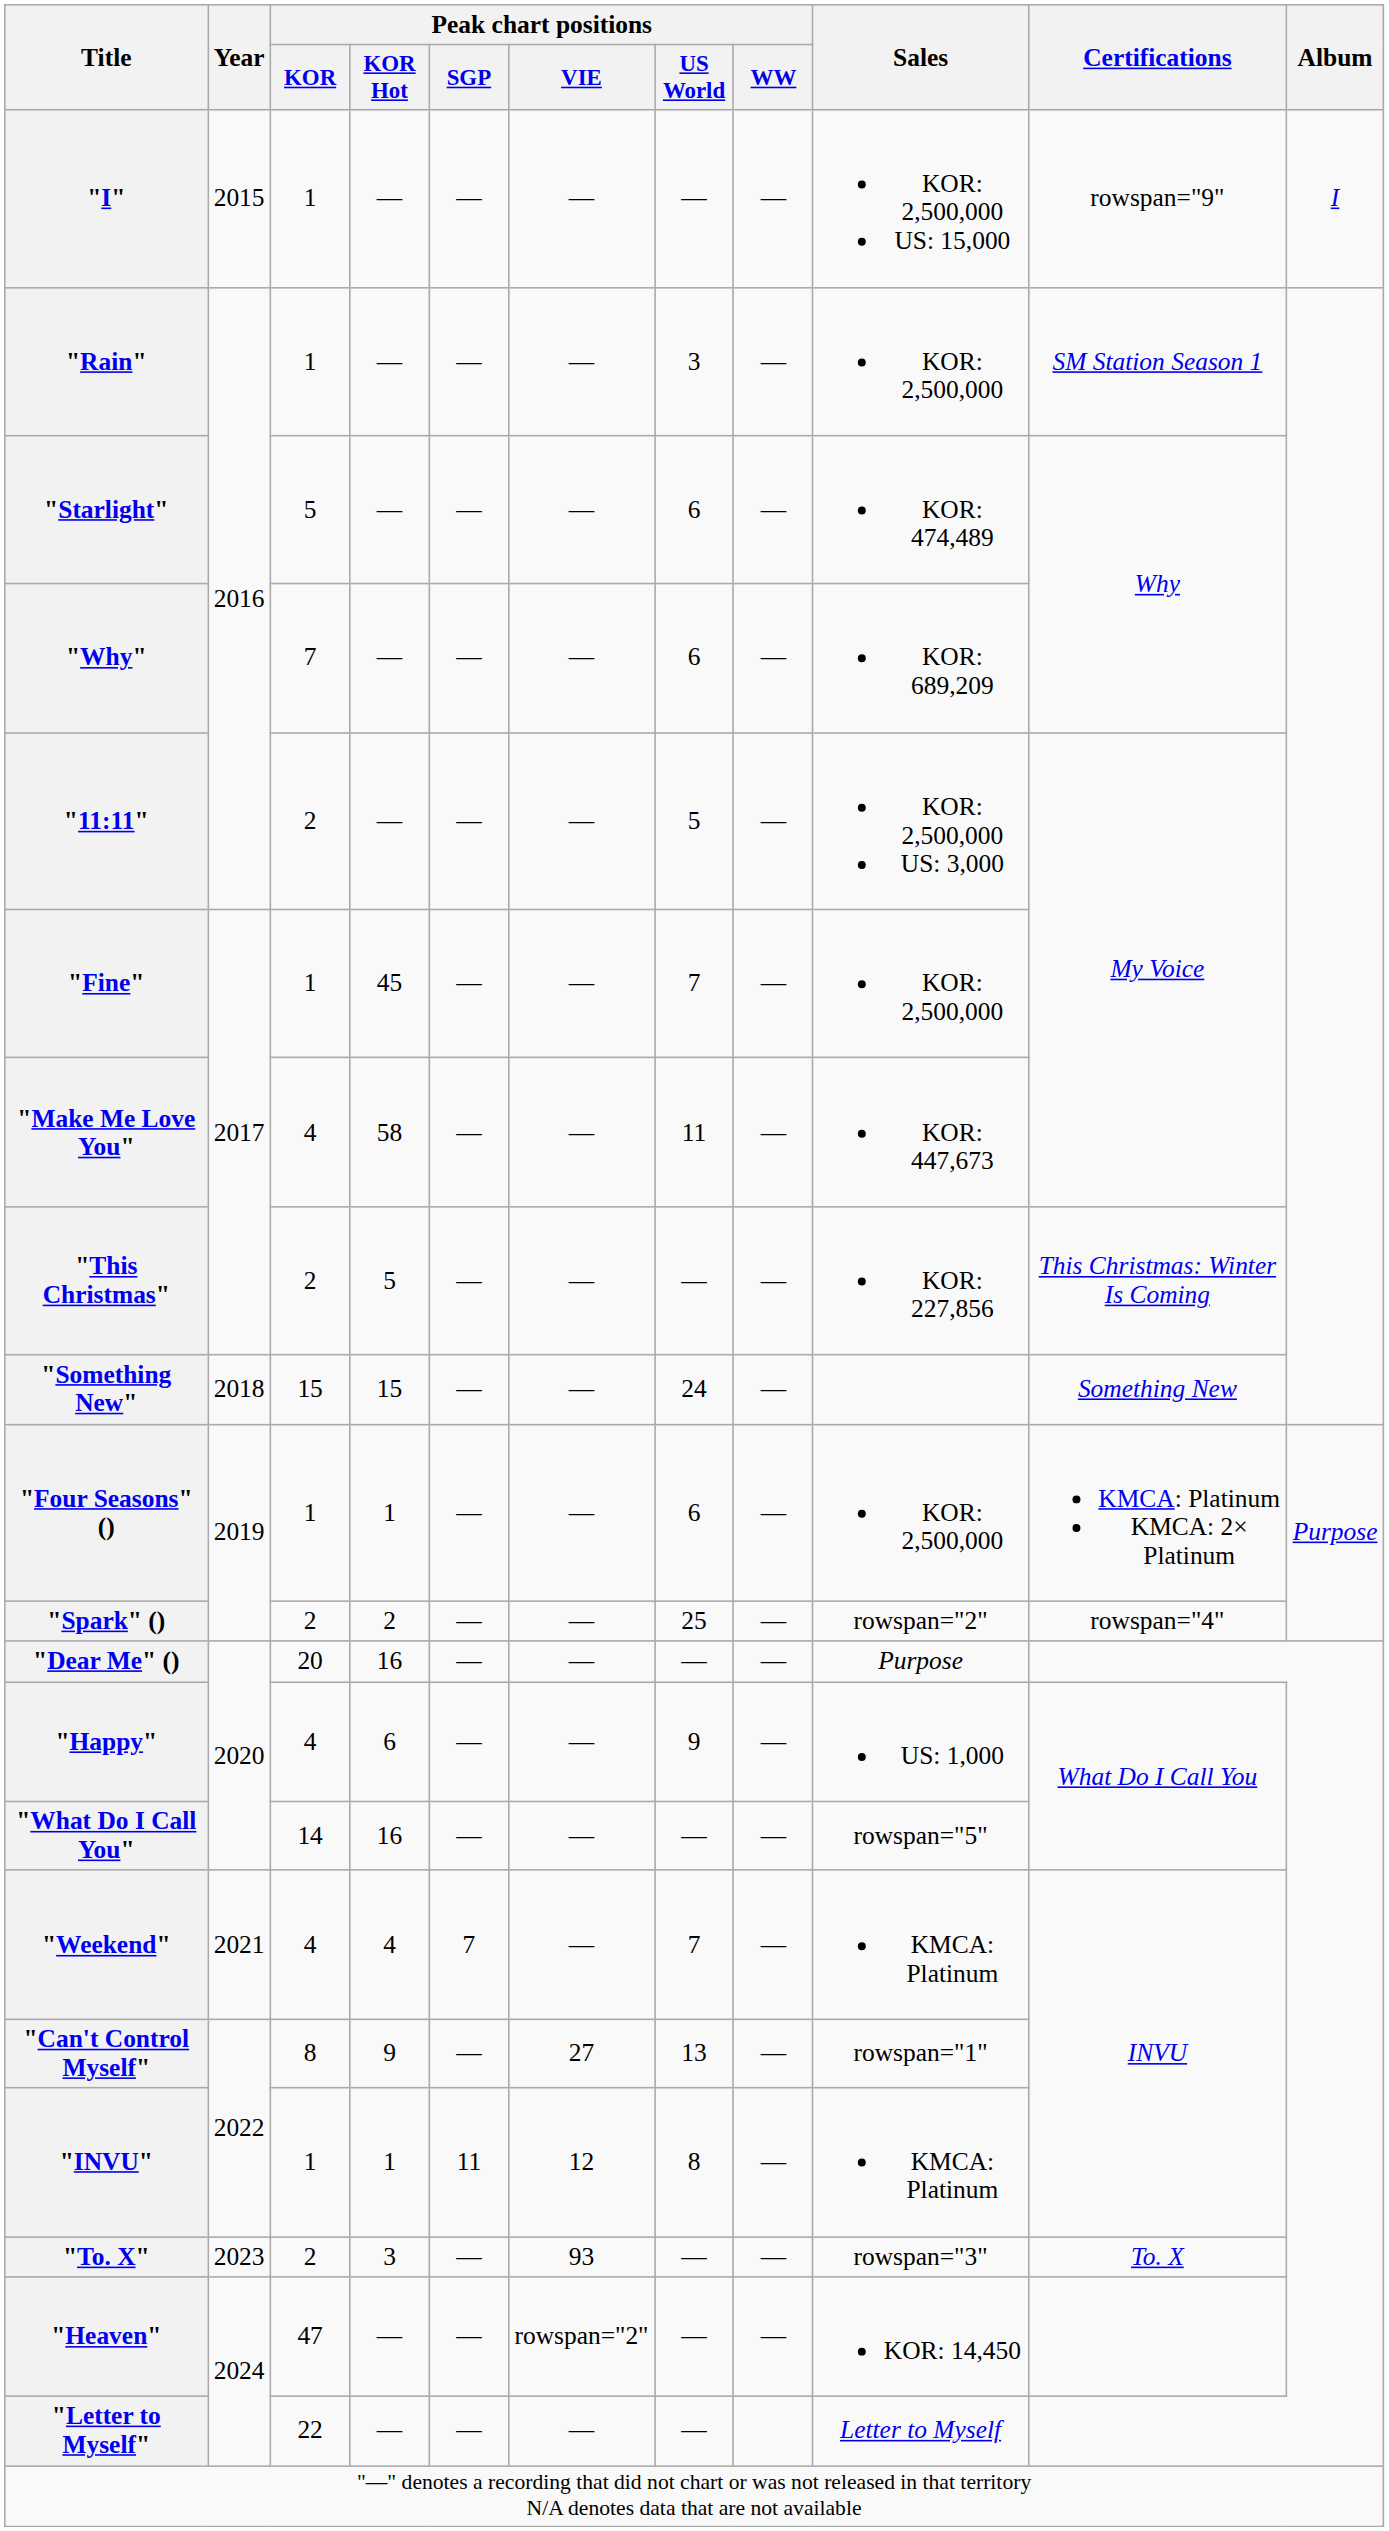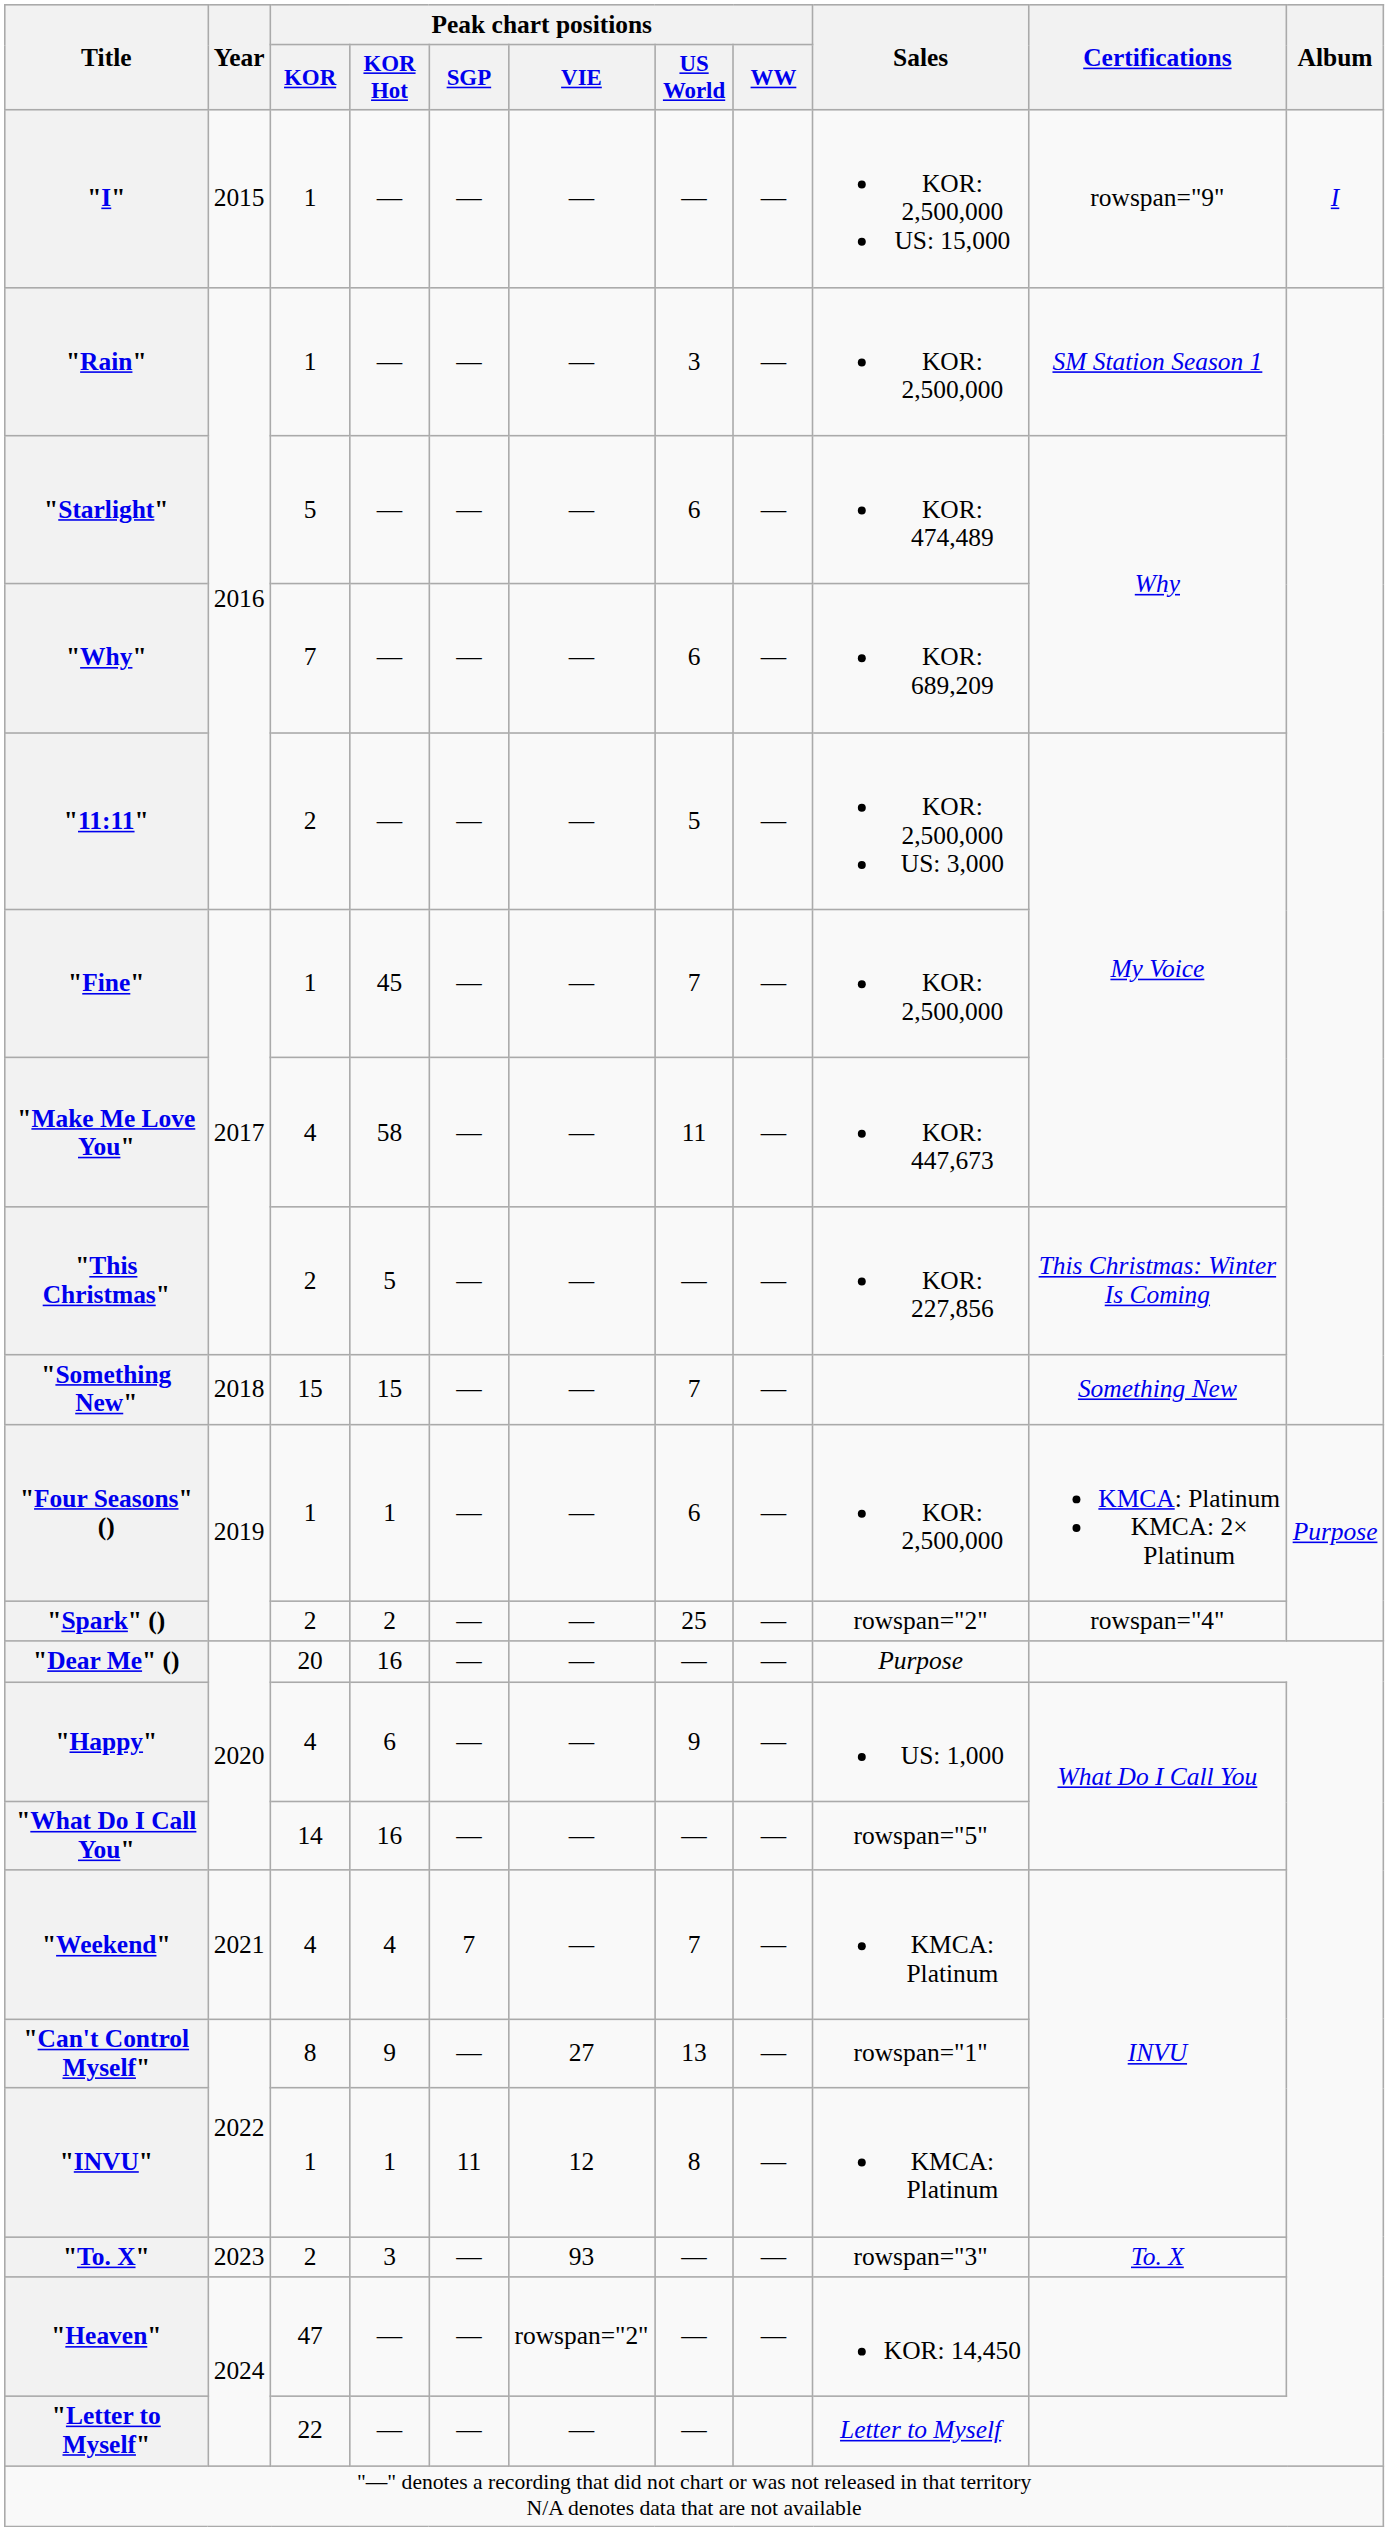 <table class="wikitable plainrowheaders" style="text-align:center">
 <tr>
 <th scope="col" rowspan="2">Title</th>
 <th scope="col" rowspan="2">Year</th>
 <th scope="col" colspan="6">Peak chart positions</th>
 <th scope="col" rowspan="2">Sales</th>
 <th scope="col" rowspan="2"><a href='#'>Certifications</a></th>
 <th scope="col" rowspan="2">Album</th>
 </tr>
 <tr>
 <th scope="col" style="font-size:90%; width:3em"><a href='#'>KOR</a><br></th>
 <th scope="col" style="font-size:90%; width:3em"><a href='#'>KOR<br>Hot</a><br></th>
 <th scope="col" style="font-size:90%; width:3em"><a href='#'>SGP</a><br></th>
 <th scope="col" style="font-size:90%; width:3em"><a href='#'>VIE</a><br></th>
 <th scope="col" style="font-size:90%; width:3em"><a href='#'>US<br>World</a><br></th>
 <th scope="col" style="font-size:90%; width:3em"><a href='#'>WW</a></th>
 </tr>
 <tr>
 <th scope="row">"<a href='#'>I</a>"<br></th>
 <td>2015</td>
 <td>1</td>
 <td>—</td>
 <td>—</td>
 <td>—</td>
 <td>—</td>
 <td>—</td>
 <td><br><ul><li>KOR: 2,500,000</li><li>US: 15,000</li></ul></td>
 <td>rowspan="9" </td>
 <td><em><a href='#'>I</a></em></td>
 </tr>
 <tr>
 <th scope="row">"<a href='#'>Rain</a>"</th>
 <td rowspan="4">2016</td>
 <td>1</td>
 <td>—</td>
 <td>—</td>
 <td>—</td>
 <td>3</td>
 <td>—</td>
 <td><br><ul><li>KOR: 2,500,000</li></ul></td>
 <td><em><a href='#'>SM Station Season 1</a></em></td>
 </tr>
 <tr>
 <th scope="row">"<a href='#'>Starlight</a>"<br></th>
 <td>5</td>
 <td>—</td>
 <td>—</td>
 <td>—</td>
 <td>6</td>
 <td>—</td>
 <td><br><ul><li>KOR: 474,489</li></ul></td>
 <td rowspan="2"><em><a href='#'>Why</a></em></td>
 </tr>
 <tr>
 <th scope="row">"<a href='#'>Why</a>"</th>
 <td>7</td>
 <td>—</td>
 <td>—</td>
 <td>—</td>
 <td>6</td>
 <td>—</td>
 <td><br><ul><li>KOR: 689,209</li></ul></td>
 </tr>
 <tr>
 <th scope="row">"<a href='#'>11:11</a>"</th>
 <td>2</td>
 <td>—</td>
 <td>—</td>
 <td>—</td>
 <td>5</td>
 <td>—</td>
 <td><br><ul><li>KOR: 2,500,000</li><li>US: 3,000</li></ul></td>
 <td rowspan="3"><em><a href='#'>My Voice</a></em></td>
 </tr>
 <tr>
 <th scope="row">"<a href='#'>Fine</a>"</th>
 <td rowspan="3">2017</td>
 <td>1</td>
 <td>45</td>
 <td>—</td>
 <td>—</td>
 <td>7</td>
 <td>—</td>
 <td><br><ul><li>KOR: 2,500,000</li></ul></td>
 </tr>
 <tr>
 <th scope="row">"<a href='#'>Make Me Love You</a>"</th>
 <td>4</td>
 <td>58</td>
 <td>—</td>
 <td>—</td>
 <td>11</td>
 <td>—</td>
 <td><br><ul><li>KOR: 447,673</li></ul></td>
 </tr>
 <tr>
 <th scope="row">"<a href='#'>This Christmas</a>"</th>
 <td>2</td>
 <td>5</td>
 <td>—</td>
 <td>—</td>
 <td>—</td>
 <td>—</td>
 <td><br><ul><li>KOR: 227,856</li></ul></td>
 <td><em><a href='#'>This Christmas: Winter Is Coming</a></em></td>
 </tr>
 <tr>
 <th scope="row">"<a href='#'>Something New</a>"</th>
 <td>2018</td>
 <td>15</td>
 <td>15</td>
 <td>—</td>
 <td>—</td>
-<td>24</td>
+<td>7</td>
 <td>—</td>
 <td></td>
 <td><em><a href='#'>Something New</a></em></td>
 </tr>
 <tr>
 <th scope="row">"<a href='#'>Four Seasons</a>" ()</th>
 <td rowspan="2">2019</td>
 <td>1</td>
 <td>1</td>
 <td>—</td>
 <td>—</td>
 <td>6</td>
 <td>—</td>
 <td><br><ul><li>KOR: 2,500,000</li></ul></td>
 <td><br><ul><li><a href='#'>KMCA</a>: Platinum </li><li>KMCA: 2× Platinum </li></ul></td>
 <td rowspan="2"><em><a href='#'>Purpose</a></em></td>
 </tr>
 <tr>
 <th scope="row">"<a href='#'>Spark</a>" ()</th>
 <td>2</td>
 <td>2</td>
 <td>—</td>
 <td>—</td>
 <td>25</td>
 <td>—</td>
 <td>rowspan="2" </td>
 <td>rowspan="4" </td>
 </tr>
 <tr>
 <th scope="row">"<a href='#'>Dear Me</a>" ()</th>
 <td rowspan="3">2020</td>
 <td>20</td>
 <td>16</td>
 <td>—</td>
 <td>—</td>
 <td>—</td>
 <td>—</td>
 <td><em>Purpose</em> </td>
 </tr>
 <tr>
 <th scope="row">"<a href='#'>Happy</a>"</th>
 <td>4</td>
 <td>6</td>
 <td>—</td>
 <td>—</td>
 <td>9</td>
 <td>—</td>
 <td><br><ul><li>US: 1,000</li></ul></td>
 <td rowspan="2"><em><a href='#'>What Do I Call You</a></em></td>
 </tr>
 <tr>
 <th scope="row">"<a href='#'>What Do I Call You</a>"</th>
 <td>14</td>
 <td>16</td>
 <td>—</td>
 <td>—</td>
 <td>—</td>
 <td>—</td>
 <td>rowspan="5" </td>
 </tr>
 <tr>
 <th scope="row">"<a href='#'>Weekend</a>"</th>
 <td>2021</td>
 <td>4</td>
 <td>4</td>
 <td>7</td>
 <td>—</td>
 <td>7</td>
 <td>—</td>
 <td><br><ul><li>KMCA: Platinum </li></ul></td>
 <td rowspan="3"><em><a href='#'>INVU</a></em></td>
 </tr>
 <tr>
 <th scope="row">"<a href='#'>Can't Control Myself</a>"</th>
 <td rowspan="2">2022</td>
 <td>8</td>
 <td>9</td>
 <td>—</td>
 <td>27</td>
 <td>13</td>
 <td>—</td>
 <td>rowspan="1" </td>
 </tr>
 <tr>
 <th scope="row">"<a href='#'>INVU</a>"</th>
 <td>1</td>
 <td>1</td>
 <td>11</td>
 <td>12</td>
 <td>8</td>
 <td>—</td>
 <td><br><ul><li>KMCA: Platinum </li></ul></td>
 </tr>
 <tr>
 <th scope="row">"<a href='#'>To. X</a>"</th>
 <td>2023</td>
 <td>2</td>
 <td>3</td>
 <td>—</td>
 <td>93</td>
 <td>—</td>
 <td>—</td>
 <td>rowspan="3" </td>
 <td><em><a href='#'>To. X</a></em></td>
 </tr>
 <tr>
 <th scope="row">"<a href='#'>Heaven</a>"</th>
 <td rowspan="2">2024</td>
 <td>47</td>
 <td>—</td>
 <td>—</td>
 <td>rowspan="2" </td>
 <td>—</td>
 <td>—</td>
 <td><br><ul><li>KOR: 14,450 </li></ul></td>
 <td></td>
 </tr>
 <tr>
 <th scope="row">"<a href='#'>Letter to Myself</a>"</th>
 <td>22</td>
 <td>—</td>
 <td>—</td>
 <td>—</td>
 <td>—</td>
 <td></td>
 <td><em><a href='#'>Letter to Myself</a></em></td>
 </tr>
 <tr>
 <td colspan="11" style="font-size:85%">"—" denotes a recording that did not chart or was not released in that territory<br>N/A denotes data that are not available</td>
 </tr>
 </table>
